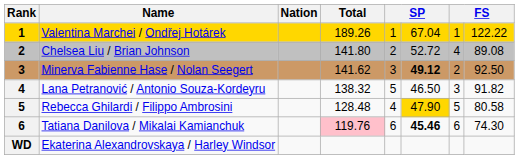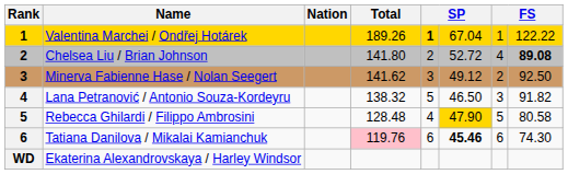 <table class="wikitable sortable">
 <tr>
 <th>Rank</th>
 <th>Name</th>
 <th>Nation</th>
 <th width="80px">Total</th>
 <th colspan="2" width="80px"><a href='#'>SP</a></th>
 <th colspan="2" width="80px"><a href='#'>FS</a></th>
 </tr>
 <tr bgcolor="gold">
 <td align="center"><strong>1</strong></td>
 <td><a href='#'>Valentina Marchei</a> / <a href='#'>Ondřej Hotárek</a></td>
 <td></td>
 <td align="center">189.26</td>
-<td align="center">1</td>
+<td align="center"><strong>1</strong></td>
 <td align="center">67.04</td>
 <td align="center">1</td>
 <td align="center">122.22</td>
 </tr>
 <tr bgcolor="silver">
 <td align="center"><strong>2</strong></td>
 <td><a href='#'>Chelsea Liu</a> / <a href='#'>Brian Johnson</a></td>
 <td></td>
 <td align="center">141.80</td>
 <td align="center">2</td>
 <td align="center">52.72</td>
 <td align="center">4</td>
-<td align="center">89.08</td>
+<td align="center"><strong>89.08</strong></td>
 </tr>
 <tr bgcolor="cc9966">
 <td align="center"><strong>3</strong></td>
 <td><a href='#'>Minerva Fabienne Hase</a> / <a href='#'>Nolan Seegert</a></td>
 <td></td>
 <td align="center">141.62</td>
 <td align="center">3</td>
-<td align="center"><strong>49.12</strong></td>
+<td align="center">49.12</td>
 <td align="center">2</td>
 <td align="center">92.50</td>
 </tr>
 <tr>
 <th>4</th>
 <td><a href='#'>Lana Petranović</a> / <a href='#'>Antonio Souza-Kordeyru</a></td>
 <td></td>
 <td align="center">138.32</td>
 <td align="center">5</td>
 <td align="center">46.50</td>
 <td align="center">3</td>
 <td align="center">91.82</td>
 </tr>
 <tr>
 <th>5</th>
 <td><a href='#'>Rebecca Ghilardi</a> / <a href='#'>Filippo Ambrosini</a></td>
 <td></td>
 <td align="center">128.48</td>
 <td align="center">4</td>
 <td align="center" style="background: gold;">47.90</td>
 <td align="center">5</td>
 <td align="center">80.58</td>
 </tr>
 <tr>
 <th>6</th>
 <td><a href='#'>Tatiana Danilova</a> / <a href='#'>Mikalai Kamianchuk</a></td>
 <td></td>
 <td align="center" style="background: pink;">119.76</td>
 <td align="center">6</td>
 <td align="center"><strong>45.46</strong></td>
 <td align="center">6</td>
 <td align="center">74.30</td>
 </tr>
 <tr>
 <th>WD</th>
 <td><a href='#'>Ekaterina Alexandrovskaya</a> / <a href='#'>Harley Windsor</a></td>
 <td></td>
 <td align="center"></td>
 <td align="center"></td>
 <td align="center"></td>
 <td align="center"></td>
 <td align="center"></td>
 </tr>
 </table>
